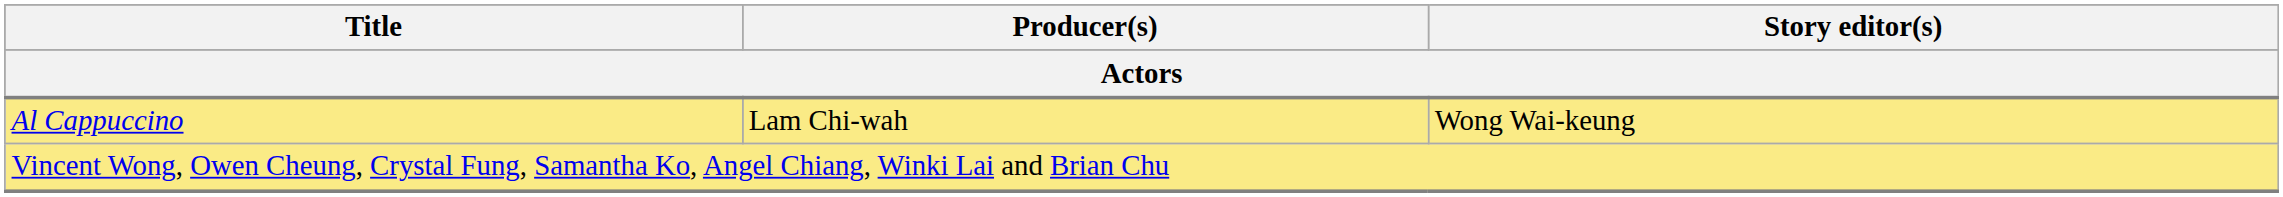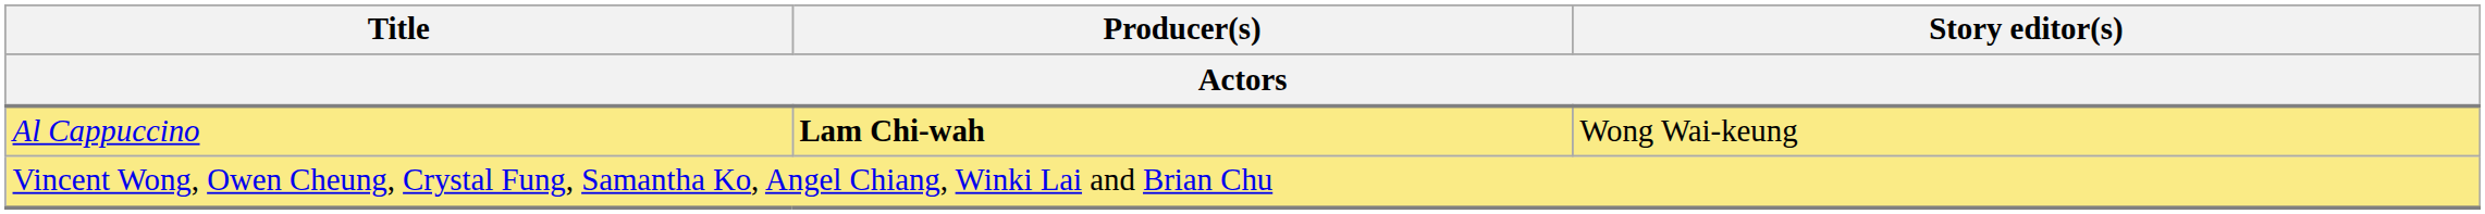 <table class="wikitable" border="1" width="100%">
 <tr style="background:#bebebe">
 <th>Title</th>
 <th>Producer(s)</th>
 <th>Story editor(s)</th>
 </tr>
 <tr style="background:#bebebe">
 <th colspan="3" style="border-bottom:2px solid grey">Actors</th>
 </tr>
 <tr style="background:#FAEB86">
 <td><em><a href='#'>Al Cappuccino</a></em></td>
-<td>Lam Chi-wah</td>
+<td><strong>Lam Chi-wah</strong></td>
 <td>Wong Wai-keung</td>
 </tr>
 <tr style="background:#FAEB86">
 <td colspan="3" style="border-bottom:2px solid grey"><a href='#'>Vincent Wong</a>, <a href='#'>Owen Cheung</a>, <a href='#'>Crystal Fung</a>, <a href='#'>Samantha Ko</a>, <a href='#'>Angel Chiang</a>, <a href='#'>Winki Lai</a> and <a href='#'>Brian Chu</a></td>
 </tr>
 </table>
